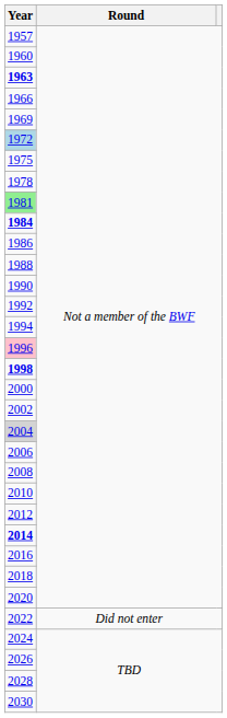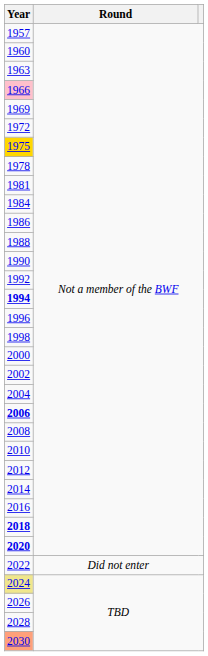 <table class="wikitable" style="text-align: center; font-size:90%">
 <tr>
 <th>Year</th>
 <th style="width:200px">Round</th>
 <th></th>
 </tr>
 <tr>
 <td><a href='#'>1957</a></td>
 <td colspan="2" rowspan="28"><em>Not a member of the <a href='#'>BWF</a></em></td>
 </tr>
 <tr>
 <td><a href='#'>1960</a></td>
 </tr>
 <tr>
-<td><strong><a href='#'>1963</a></strong></td>
+<td><a href='#'>1963</a></td>
 </tr>
 <tr>
-<td><a href='#'>1966</a></td>
+<td style="background: pink;"><a href='#'>1966</a></td>
 </tr>
 <tr>
 <td><a href='#'>1969</a></td>
 </tr>
 <tr>
-<td style="background: lightblue;"><a href='#'>1972</a></td>
+<td><a href='#'>1972</a></td>
 </tr>
 <tr>
-<td><a href='#'>1975</a></td>
+<td style="background: gold;"><a href='#'>1975</a></td>
 </tr>
 <tr>
 <td><a href='#'>1978</a></td>
 </tr>
 <tr>
-<td style="background: lightgreen;"><a href='#'>1981</a></td>
+<td><a href='#'>1981</a></td>
 </tr>
 <tr>
-<td><strong><a href='#'>1984</a></strong></td>
+<td><a href='#'>1984</a></td>
 </tr>
 <tr>
 <td><a href='#'>1986</a></td>
 </tr>
 <tr>
 <td><a href='#'>1988</a></td>
 </tr>
 <tr>
 <td><a href='#'>1990</a></td>
 </tr>
 <tr>
 <td><a href='#'>1992</a></td>
 </tr>
 <tr>
-<td><a href='#'>1994</a></td>
+<td><strong><a href='#'>1994</a></strong></td>
 </tr>
 <tr>
-<td style="background: pink;"><a href='#'>1996</a></td>
+<td><a href='#'>1996</a></td>
 </tr>
 <tr>
-<td><strong><a href='#'>1998</a></strong></td>
+<td><a href='#'>1998</a></td>
 </tr>
 <tr>
 <td><a href='#'>2000</a></td>
 </tr>
 <tr>
 <td><a href='#'>2002</a></td>
 </tr>
 <tr>
-<td style="background: lightgrey;"><a href='#'>2004</a></td>
+<td><a href='#'>2004</a></td>
 </tr>
 <tr>
-<td><a href='#'>2006</a></td>
+<td><strong><a href='#'>2006</a></strong></td>
 </tr>
 <tr>
 <td><a href='#'>2008</a></td>
 </tr>
 <tr>
 <td><a href='#'>2010</a></td>
 </tr>
 <tr>
 <td><a href='#'>2012</a></td>
 </tr>
 <tr>
-<td><strong><a href='#'>2014</a></strong></td>
+<td><a href='#'>2014</a></td>
 </tr>
 <tr>
 <td><a href='#'>2016</a></td>
 </tr>
 <tr>
-<td><a href='#'>2018</a></td>
+<td><strong><a href='#'>2018</a></strong></td>
 </tr>
 <tr>
-<td><a href='#'>2020</a></td>
+<td><strong><a href='#'>2020</a></strong></td>
 </tr>
 <tr>
 <td><a href='#'>2022</a></td>
 <td colspan="2"><em>Did not enter</em></td>
 </tr>
 <tr>
-<td><a href='#'>2024</a></td>
+<td style="background: khaki;"><a href='#'>2024</a></td>
 <td colspan="2" rowspan="4"><em>TBD</em></td>
 </tr>
 <tr>
 <td><a href='#'>2026</a></td>
 </tr>
 <tr>
 <td><a href='#'>2028</a></td>
 </tr>
 <tr>
-<td><a href='#'>2030</a></td>
+<td style="background: lightsalmon;"><a href='#'>2030</a></td>
 </tr>
 </table>
